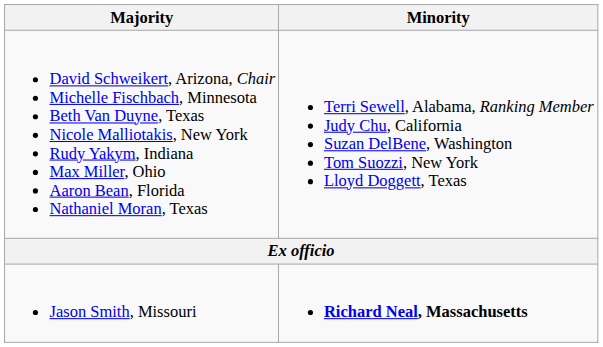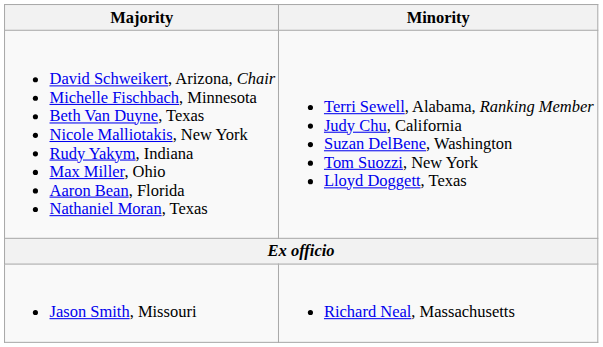 <table class=wikitable>
 <tr>
 <th>Majority</th>
 <th>Minority</th>
 </tr>
 <tr>
 <td><br><ul><li><a href='#'>David Schweikert</a>, Arizona, <em>Chair</em></li><li><a href='#'>Michelle Fischbach</a>, Minnesota</li><li><a href='#'>Beth Van Duyne</a>, Texas</li><li><a href='#'>Nicole Malliotakis</a>, New York</li><li><a href='#'>Rudy Yakym</a>, Indiana</li><li><a href='#'>Max Miller</a>, Ohio</li><li><a href='#'>Aaron Bean</a>, Florida</li><li><a href='#'>Nathaniel Moran</a>, Texas</li></ul></td>
 <td><br><ul><li><a href='#'>Terri Sewell</a>, Alabama, <em>Ranking Member</em></li><li><a href='#'>Judy Chu</a>, California</li><li><a href='#'>Suzan DelBene</a>, Washington</li><li><a href='#'>Tom Suozzi</a>, New York</li><li><a href='#'>Lloyd Doggett</a>, Texas</li></ul></td>
 </tr>
 <tr>
 <th colspan=2><em>Ex officio</em></th>
 </tr>
 <tr>
 <td><br><ul><li><a href='#'>Jason Smith</a>, Missouri</li></ul></td>
-<td><strong><br><ul><li><a href='#'>Richard Neal</a>, Massachusetts</li></ul></strong></td>
+<td><br><ul><li><a href='#'>Richard Neal</a>, Massachusetts</li></ul></td>
 </tr>
 </table>
